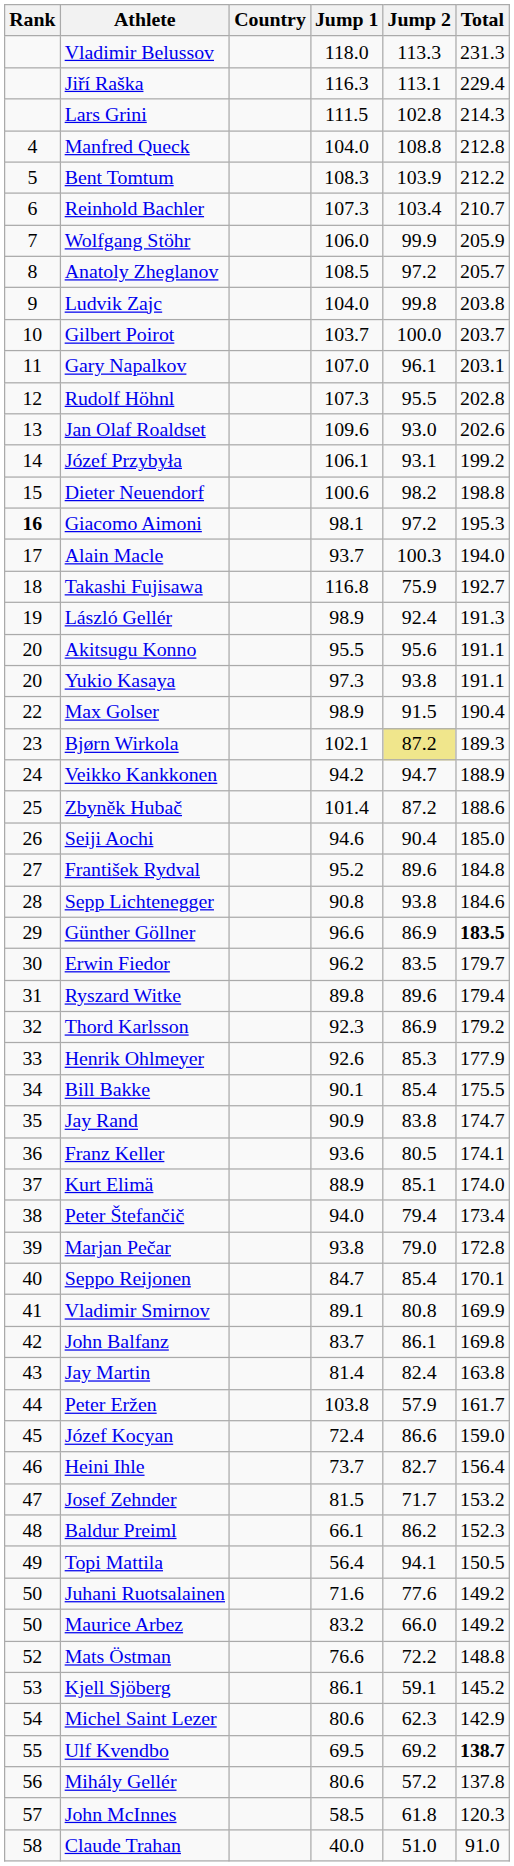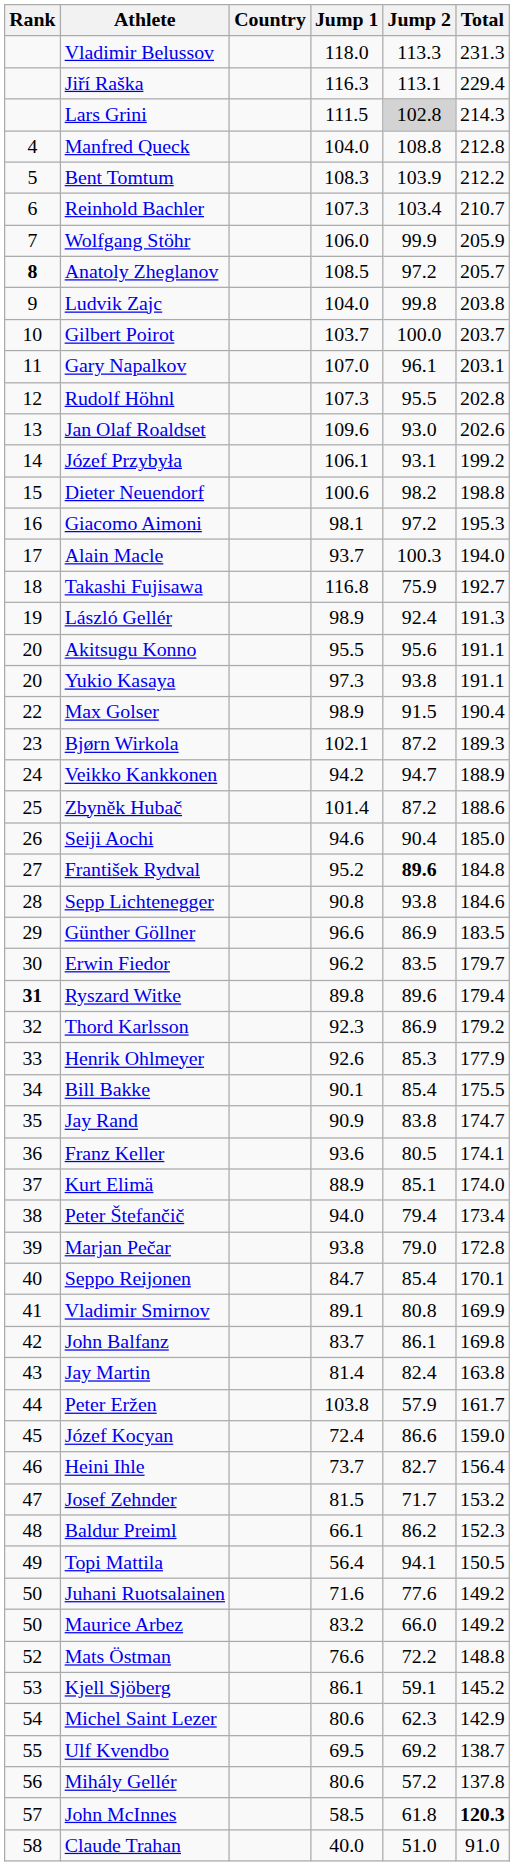 <table class="wikitable sortable" style="text-align:center">
 <tr>
 <th>Rank</th>
 <th>Athlete</th>
 <th>Country</th>
 <th>Jump 1</th>
 <th>Jump 2</th>
 <th>Total</th>
 </tr>
 <tr>
 <td></td>
 <td align=left><a href='#'>Vladimir Belussov</a></td>
 <td align=left></td>
 <td>118.0</td>
 <td>113.3</td>
 <td>231.3</td>
 </tr>
 <tr>
 <td></td>
 <td align=left><a href='#'>Jiří Raška</a></td>
 <td align=left></td>
 <td>116.3</td>
 <td>113.1</td>
 <td>229.4</td>
 </tr>
 <tr>
 <td></td>
 <td align=left><a href='#'>Lars Grini</a></td>
 <td align=left></td>
 <td>111.5</td>
-<td>102.8</td>
+<td style="background: lightgrey;">102.8</td>
 <td>214.3</td>
 </tr>
 <tr>
 <td>4</td>
 <td align=left><a href='#'>Manfred Queck</a></td>
 <td align=left></td>
 <td>104.0</td>
 <td>108.8</td>
 <td>212.8</td>
 </tr>
 <tr>
 <td>5</td>
 <td align=left><a href='#'>Bent Tomtum</a></td>
 <td align=left></td>
 <td>108.3</td>
 <td>103.9</td>
 <td>212.2</td>
 </tr>
 <tr>
 <td>6</td>
 <td align=left><a href='#'>Reinhold Bachler</a></td>
 <td align=left></td>
 <td>107.3</td>
 <td>103.4</td>
 <td>210.7</td>
 </tr>
 <tr>
 <td>7</td>
 <td align=left><a href='#'>Wolfgang Stöhr</a></td>
 <td align=left></td>
 <td>106.0</td>
 <td>99.9</td>
 <td>205.9</td>
 </tr>
 <tr>
-<td>8</td>
+<td><strong>8</strong></td>
 <td align=left><a href='#'>Anatoly Zheglanov</a></td>
 <td align=left></td>
 <td>108.5</td>
 <td>97.2</td>
 <td>205.7</td>
 </tr>
 <tr>
 <td>9</td>
 <td align=left><a href='#'>Ludvik Zajc</a></td>
 <td align=left></td>
 <td>104.0</td>
 <td>99.8</td>
 <td>203.8</td>
 </tr>
 <tr>
 <td>10</td>
 <td align=left><a href='#'>Gilbert Poirot</a></td>
 <td align=left></td>
 <td>103.7</td>
 <td>100.0</td>
 <td>203.7</td>
 </tr>
 <tr>
 <td>11</td>
 <td align=left><a href='#'>Gary Napalkov</a></td>
 <td align=left></td>
 <td>107.0</td>
 <td>96.1</td>
 <td>203.1</td>
 </tr>
 <tr>
 <td>12</td>
 <td align=left><a href='#'>Rudolf Höhnl</a></td>
 <td align=left></td>
 <td>107.3</td>
 <td>95.5</td>
 <td>202.8</td>
 </tr>
 <tr>
 <td>13</td>
 <td align=left><a href='#'>Jan Olaf Roaldset</a></td>
 <td align=left></td>
 <td>109.6</td>
 <td>93.0</td>
 <td>202.6</td>
 </tr>
 <tr>
 <td>14</td>
 <td align=left><a href='#'>Józef Przybyła</a></td>
 <td align=left></td>
 <td>106.1</td>
 <td>93.1</td>
 <td>199.2</td>
 </tr>
 <tr>
 <td>15</td>
 <td align=left><a href='#'>Dieter Neuendorf</a></td>
 <td align=left></td>
 <td>100.6</td>
 <td>98.2</td>
 <td>198.8</td>
 </tr>
 <tr>
-<td><strong>16</strong></td>
+<td>16</td>
 <td align=left><a href='#'>Giacomo Aimoni</a></td>
 <td align=left></td>
 <td>98.1</td>
 <td>97.2</td>
 <td>195.3</td>
 </tr>
 <tr>
 <td>17</td>
 <td align=left><a href='#'>Alain Macle</a></td>
 <td align=left></td>
 <td>93.7</td>
 <td>100.3</td>
 <td>194.0</td>
 </tr>
 <tr>
 <td>18</td>
 <td align=left><a href='#'>Takashi Fujisawa</a></td>
 <td align=left></td>
 <td>116.8</td>
 <td>75.9</td>
 <td>192.7</td>
 </tr>
 <tr>
 <td>19</td>
 <td align=left><a href='#'>László Gellér</a></td>
 <td align=left></td>
 <td>98.9</td>
 <td>92.4</td>
 <td>191.3</td>
 </tr>
 <tr>
 <td>20</td>
 <td align=left><a href='#'>Akitsugu Konno</a></td>
 <td align=left></td>
 <td>95.5</td>
 <td>95.6</td>
 <td>191.1</td>
 </tr>
 <tr>
 <td>20</td>
 <td align=left><a href='#'>Yukio Kasaya</a></td>
 <td align=left></td>
 <td>97.3</td>
 <td>93.8</td>
 <td>191.1</td>
 </tr>
 <tr>
 <td>22</td>
 <td align=left><a href='#'>Max Golser</a></td>
 <td align=left></td>
 <td>98.9</td>
 <td>91.5</td>
 <td>190.4</td>
 </tr>
 <tr>
 <td>23</td>
 <td align=left><a href='#'>Bjørn Wirkola</a></td>
 <td align=left></td>
 <td>102.1</td>
-<td style="background: khaki;">87.2</td>
+<td>87.2</td>
 <td>189.3</td>
 </tr>
 <tr>
 <td>24</td>
 <td align=left><a href='#'>Veikko Kankkonen</a></td>
 <td align=left></td>
 <td>94.2</td>
 <td>94.7</td>
 <td>188.9</td>
 </tr>
 <tr>
 <td>25</td>
 <td align=left><a href='#'>Zbyněk Hubač</a></td>
 <td align=left></td>
 <td>101.4</td>
 <td>87.2</td>
 <td>188.6</td>
 </tr>
 <tr>
 <td>26</td>
 <td align=left><a href='#'>Seiji Aochi</a></td>
 <td align=left></td>
 <td>94.6</td>
 <td>90.4</td>
 <td>185.0</td>
 </tr>
 <tr>
 <td>27</td>
 <td align=left><a href='#'>František Rydval</a></td>
 <td align=left></td>
 <td>95.2</td>
-<td>89.6</td>
+<td><strong>89.6</strong></td>
 <td>184.8</td>
 </tr>
 <tr>
 <td>28</td>
 <td align=left><a href='#'>Sepp Lichtenegger</a></td>
 <td align=left></td>
 <td>90.8</td>
 <td>93.8</td>
 <td>184.6</td>
 </tr>
 <tr>
 <td>29</td>
 <td align=left><a href='#'>Günther Göllner</a></td>
 <td align=left></td>
 <td>96.6</td>
 <td>86.9</td>
-<td><strong>183.5</strong></td>
+<td>183.5</td>
 </tr>
 <tr>
 <td>30</td>
 <td align=left><a href='#'>Erwin Fiedor</a></td>
 <td align=left></td>
 <td>96.2</td>
 <td>83.5</td>
 <td>179.7</td>
 </tr>
 <tr>
-<td>31</td>
+<td><strong>31</strong></td>
 <td align=left><a href='#'>Ryszard Witke</a></td>
 <td align=left></td>
 <td>89.8</td>
 <td>89.6</td>
 <td>179.4</td>
 </tr>
 <tr>
 <td>32</td>
 <td align=left><a href='#'>Thord Karlsson</a></td>
 <td align=left></td>
 <td>92.3</td>
 <td>86.9</td>
 <td>179.2</td>
 </tr>
 <tr>
 <td>33</td>
 <td align=left><a href='#'>Henrik Ohlmeyer</a></td>
 <td align=left></td>
 <td>92.6</td>
 <td>85.3</td>
 <td>177.9</td>
 </tr>
 <tr>
 <td>34</td>
 <td align=left><a href='#'>Bill Bakke</a></td>
 <td align=left></td>
 <td>90.1</td>
 <td>85.4</td>
 <td>175.5</td>
 </tr>
 <tr>
 <td>35</td>
 <td align=left><a href='#'>Jay Rand</a></td>
 <td align=left></td>
 <td>90.9</td>
 <td>83.8</td>
 <td>174.7</td>
 </tr>
 <tr>
 <td>36</td>
 <td align=left><a href='#'>Franz Keller</a></td>
 <td align=left></td>
 <td>93.6</td>
 <td>80.5</td>
 <td>174.1</td>
 </tr>
 <tr>
 <td>37</td>
 <td align=left><a href='#'>Kurt Elimä</a></td>
 <td align=left></td>
 <td>88.9</td>
 <td>85.1</td>
 <td>174.0</td>
 </tr>
 <tr>
 <td>38</td>
 <td align=left><a href='#'>Peter Štefančič</a></td>
 <td align=left></td>
 <td>94.0</td>
 <td>79.4</td>
 <td>173.4</td>
 </tr>
 <tr>
 <td>39</td>
 <td align=left><a href='#'>Marjan Pečar</a></td>
 <td align=left></td>
 <td>93.8</td>
 <td>79.0</td>
 <td>172.8</td>
 </tr>
 <tr>
 <td>40</td>
 <td align=left><a href='#'>Seppo Reijonen</a></td>
 <td align=left></td>
 <td>84.7</td>
 <td>85.4</td>
 <td>170.1</td>
 </tr>
 <tr>
 <td>41</td>
 <td align=left><a href='#'>Vladimir Smirnov</a></td>
 <td align=left></td>
 <td>89.1</td>
 <td>80.8</td>
 <td>169.9</td>
 </tr>
 <tr>
 <td>42</td>
 <td align=left><a href='#'>John Balfanz</a></td>
 <td align=left></td>
 <td>83.7</td>
 <td>86.1</td>
 <td>169.8</td>
 </tr>
 <tr>
 <td>43</td>
 <td align=left><a href='#'>Jay Martin</a></td>
 <td align=left></td>
 <td>81.4</td>
 <td>82.4</td>
 <td>163.8</td>
 </tr>
 <tr>
 <td>44</td>
 <td align=left><a href='#'>Peter Eržen</a></td>
 <td align=left></td>
 <td>103.8</td>
 <td>57.9</td>
 <td>161.7</td>
 </tr>
 <tr>
 <td>45</td>
 <td align=left><a href='#'>Józef Kocyan</a></td>
 <td align=left></td>
 <td>72.4</td>
 <td>86.6</td>
 <td>159.0</td>
 </tr>
 <tr>
 <td>46</td>
 <td align=left><a href='#'>Heini Ihle</a></td>
 <td align=left></td>
 <td>73.7</td>
 <td>82.7</td>
 <td>156.4</td>
 </tr>
 <tr>
 <td>47</td>
 <td align=left><a href='#'>Josef Zehnder</a></td>
 <td align=left></td>
 <td>81.5</td>
 <td>71.7</td>
 <td>153.2</td>
 </tr>
 <tr>
 <td>48</td>
 <td align=left><a href='#'>Baldur Preiml</a></td>
 <td align=left></td>
 <td>66.1</td>
 <td>86.2</td>
 <td>152.3</td>
 </tr>
 <tr>
 <td>49</td>
 <td align=left><a href='#'>Topi Mattila</a></td>
 <td align=left></td>
 <td>56.4</td>
 <td>94.1</td>
 <td>150.5</td>
 </tr>
 <tr>
 <td>50</td>
 <td align=left><a href='#'>Juhani Ruotsalainen</a></td>
 <td align=left></td>
 <td>71.6</td>
 <td>77.6</td>
 <td>149.2</td>
 </tr>
 <tr>
 <td>50</td>
 <td align=left><a href='#'>Maurice Arbez</a></td>
 <td align=left></td>
 <td>83.2</td>
 <td>66.0</td>
 <td>149.2</td>
 </tr>
 <tr>
 <td>52</td>
 <td align=left><a href='#'>Mats Östman</a></td>
 <td align=left></td>
 <td>76.6</td>
 <td>72.2</td>
 <td>148.8</td>
 </tr>
 <tr>
 <td>53</td>
 <td align=left><a href='#'>Kjell Sjöberg</a></td>
 <td align=left></td>
 <td>86.1</td>
 <td>59.1</td>
 <td>145.2</td>
 </tr>
 <tr>
 <td>54</td>
 <td align=left><a href='#'>Michel Saint Lezer</a></td>
 <td align=left></td>
 <td>80.6</td>
 <td>62.3</td>
 <td>142.9</td>
 </tr>
 <tr>
 <td>55</td>
 <td align=left><a href='#'>Ulf Kvendbo</a></td>
 <td align=left></td>
 <td>69.5</td>
 <td>69.2</td>
-<td><strong>138.7</strong></td>
+<td>138.7</td>
 </tr>
 <tr>
 <td>56</td>
 <td align=left><a href='#'>Mihály Gellér</a></td>
 <td align=left></td>
 <td>80.6</td>
 <td>57.2</td>
 <td>137.8</td>
 </tr>
 <tr>
 <td>57</td>
 <td align=left><a href='#'>John McInnes</a></td>
 <td align=left></td>
 <td>58.5</td>
 <td>61.8</td>
-<td>120.3</td>
+<td><strong>120.3</strong></td>
 </tr>
 <tr>
 <td>58</td>
 <td align=left><a href='#'>Claude Trahan</a></td>
 <td align=left></td>
 <td>40.0</td>
 <td>51.0</td>
 <td>91.0</td>
 </tr>
 </table>
